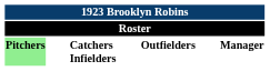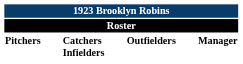 <table class="toccolours" style="font-size: 95%;">
 <tr>
 <th colspan="10" style="background-color: #083c6b; color: white; text-align: center;">1923 Brooklyn Robins</th>
 </tr>
 <tr>
 <td colspan="10" style="background-color: black; color: white; text-align: center;"><strong>Roster</strong></td>
 </tr>
 <tr>
-<td valign="top" style="background: lightgreen;"><strong>Pitchers</strong><br>           </td>
+<td valign="top"><strong>Pitchers</strong><br>           </td>
 <td width="25px"></td>
 <td valign="top"><strong>Catchers</strong><br>     <strong>Infielders</strong>          </td>
 <td width="25px"></td>
 <td valign="top"><strong>Outfielders</strong><br>     </td>
 <td width="25px"></td>
 <td valign="top"><strong>Manager</strong><br></td>
 </tr>
 </table>
